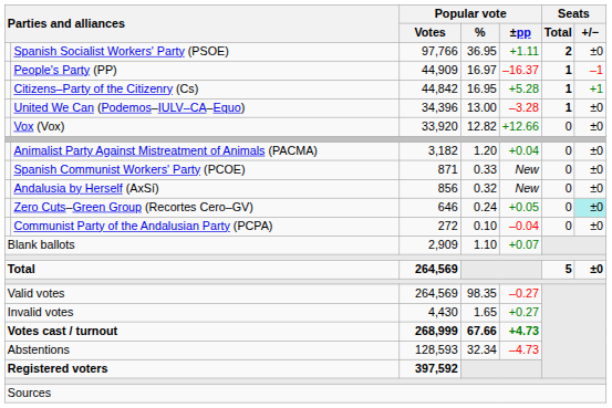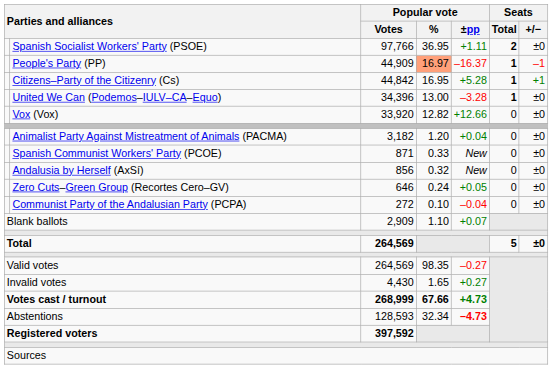 <table class="wikitable" style="text-align:right;">
 <tr>
 <th style="text-align:left;" rowspan="2" colspan="2" width="525">Parties and alliances</th>
 <th colspan="3">Popular vote</th>
 <th colspan="2">Seats</th>
 </tr>
 <tr>
 <th width="75">Votes</th>
 <th width="45">%</th>
 <th width="45">±<a href='#'>pp</a></th>
 <th width="35">Total</th>
 <th width="35">+/−</th>
 </tr>
 <tr>
 <td width="1" style="color:inherit;background:"></td>
 <td align="left"><a href='#'>Spanish Socialist Workers' Party</a> (PSOE)</td>
 <td>97,766</td>
 <td>36.95</td>
 <td style="color:green;">+1.11</td>
 <td><strong>2</strong></td>
 <td>±0</td>
 </tr>
 <tr>
 <td style="color:inherit;background:"></td>
 <td align="left"><a href='#'>People's Party</a> (PP)</td>
 <td>44,909</td>
-<td>16.97</td>
+<td style="background: lightsalmon;">16.97</td>
 <td style="color:red;">–16.37</td>
 <td><strong>1</strong></td>
 <td style="color:red;">–1</td>
 </tr>
 <tr>
 <td style="color:inherit;background:"></td>
 <td align="left"><a href='#'>Citizens–Party of the Citizenry</a> (Cs)</td>
 <td>44,842</td>
 <td>16.95</td>
 <td style="color:green;">+5.28</td>
 <td><strong>1</strong></td>
 <td style="color:green;">+1</td>
 </tr>
 <tr>
 <td style="color:inherit;background:"></td>
 <td align="left"><a href='#'>United We Can</a> (<a href='#'>Podemos</a>–<a href='#'>IULV–CA</a>–<a href='#'>Equo</a>)</td>
 <td>34,396</td>
 <td>13.00</td>
 <td style="color:red;">–3.28</td>
 <td><strong>1</strong></td>
 <td>±0</td>
 </tr>
 <tr>
 <td style="color:inherit;background:"></td>
 <td align="left"><a href='#'>Vox</a> (Vox)</td>
 <td>33,920</td>
 <td>12.82</td>
 <td style="color:green;">+12.66</td>
 <td>0</td>
 <td>±0</td>
 </tr>
 <tr>
 <td colspan="7" bgcolor="#C0C0C0"></td>
 </tr>
 <tr>
 <td style="color:inherit;background:"></td>
 <td align="left"><a href='#'>Animalist Party Against Mistreatment of Animals</a> (PACMA)</td>
 <td>3,182</td>
 <td>1.20</td>
 <td style="color:green;">+0.04</td>
 <td>0</td>
 <td>±0</td>
 </tr>
 <tr>
 <td style="color:inherit;background:"></td>
 <td align="left"><a href='#'>Spanish Communist Workers' Party</a> (PCOE)</td>
 <td>871</td>
 <td>0.33</td>
 <td><em>New</em></td>
 <td>0</td>
 <td>±0</td>
 </tr>
 <tr>
 <td style="color:inherit;background:"></td>
 <td align="left"><a href='#'>Andalusia by Herself</a> (AxSí)</td>
 <td>856</td>
 <td>0.32</td>
 <td><em>New</em></td>
 <td>0</td>
 <td>±0</td>
 </tr>
 <tr>
 <td style="color:inherit;background:"></td>
 <td align="left"><a href='#'>Zero Cuts</a>–<a href='#'>Green Group</a> (Recortes Cero–GV)</td>
 <td>646</td>
 <td>0.24</td>
 <td style="color:green;">+0.05</td>
 <td>0</td>
-<td style="background: paleturquoise;">±0</td>
+<td>±0</td>
 </tr>
 <tr>
 <td style="color:inherit;background:"></td>
 <td align="left"><a href='#'>Communist Party of the Andalusian Party</a> (PCPA)</td>
 <td>272</td>
 <td>0.10</td>
 <td style="color:red;">–0.04</td>
 <td>0</td>
 <td>±0</td>
 </tr>
 <tr>
 <td align="left" colspan="2">Blank ballots</td>
 <td>2,909</td>
 <td>1.10</td>
 <td style="color:green;">+0.07</td>
 <td bgcolor="#E9E9E9" colspan="2"></td>
 </tr>
 <tr>
 <td colspan="7" bgcolor="#E9E9E9"></td>
 </tr>
 <tr style="font-weight:bold;">
 <td align="left" colspan="2">Total</td>
 <td>264,569</td>
 <td bgcolor="#E9E9E9" colspan="2"></td>
 <td>5</td>
 <td>±0</td>
 </tr>
 <tr>
 <td colspan="7" bgcolor="#E9E9E9"></td>
 </tr>
 <tr>
 <td align="left" colspan="2">Valid votes</td>
 <td>264,569</td>
 <td>98.35</td>
 <td style="color:red;">–0.27</td>
 <td bgcolor="#E9E9E9" colspan="2" rowspan="5"></td>
 </tr>
 <tr>
 <td align="left" colspan="2">Invalid votes</td>
 <td>4,430</td>
 <td>1.65</td>
 <td style="color:green;">+0.27</td>
 </tr>
 <tr style="font-weight:bold;">
 <td align="left" colspan="2">Votes cast / turnout</td>
 <td>268,999</td>
 <td>67.66</td>
 <td style="color:green;">+4.73</td>
 </tr>
 <tr>
 <td align="left" colspan="2">Abstentions</td>
 <td>128,593</td>
 <td>32.34</td>
-<td style="color:red;">–4.73</td>
+<td style="color:red;"><strong>–4.73</strong></td>
 </tr>
 <tr style="font-weight:bold;">
 <td align="left" colspan="2">Registered voters</td>
 <td>397,592</td>
 <td bgcolor="#E9E9E9" colspan="2"></td>
 </tr>
 <tr>
 <td colspan="7" bgcolor="#E9E9E9"></td>
 </tr>
 <tr>
 <td align="left" colspan="7">Sources</td>
 </tr>
 </table>
